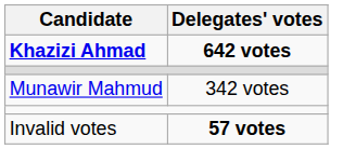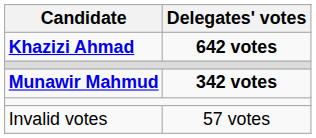 <table class=wikitable style=text-align:center>
 <tr>
 <th>Candidate</th>
 <th>Delegates' votes</th>
 </tr>
 <tr>
 <td align=left><strong><a href='#'>Khazizi Ahmad</a></strong></td>
 <td><strong>642 votes</strong></td>
 </tr>
 <tr>
 <td colspan=3 bgcolor=dcdcdc></td>
 </tr>
 <tr>
-<td align=left><a href='#'>Munawir Mahmud</a></td>
-<td>342 votes</td>
+<td align=left><strong><a href='#'>Munawir Mahmud</a></strong></td>
+<td><strong>342 votes</strong></td>
 </tr>
 <tr>
 <td colspan=3></td>
 </tr>
 <tr>
 <td align=left>Invalid votes</td>
-<td><strong>57 votes</strong></td>
+<td>57 votes</td>
 </tr>
 </table>
